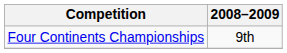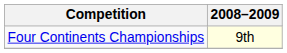 <table class="wikitable">
 <tr>
 <th>Competition</th>
 <th>2008–2009</th>
 </tr>
 <tr>
 <td><a href='#'>Four Continents Championships</a></td>
-<td align="center">9th</td>
+<td align="center" style="background: lightyellow;">9th</td>
 </tr>
 <tr>
 </tr>
 </table>
